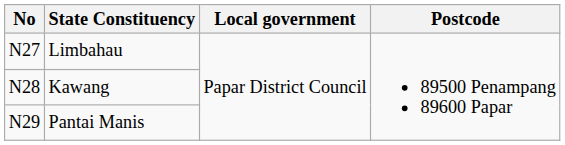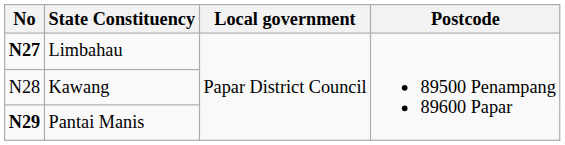 <table class="wikitable">
 <tr>
 <th>No</th>
 <th>State Constituency</th>
 <th>Local government</th>
 <th>Postcode</th>
 </tr>
 <tr>
-<td>N27</td>
+<td><strong>N27</strong></td>
 <td>Limbahau</td>
 <td rowspan="3">Papar District Council</td>
 <td rowspan="3"><br><ul><li>89500 Penampang</li><li>89600 Papar</li></ul></td>
 </tr>
 <tr>
 <td>N28</td>
 <td>Kawang</td>
 </tr>
 <tr>
-<td>N29</td>
+<td><strong>N29</strong></td>
 <td>Pantai Manis</td>
 </tr>
 </table>
